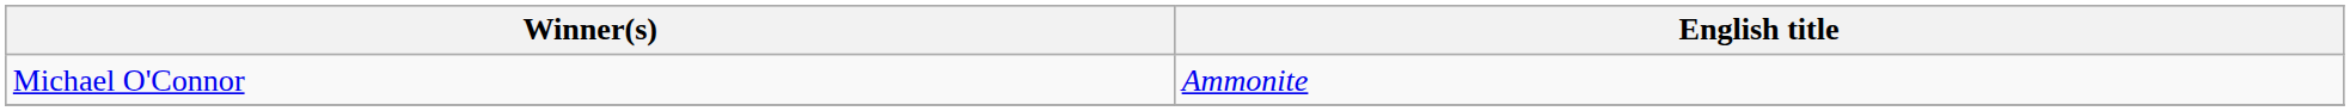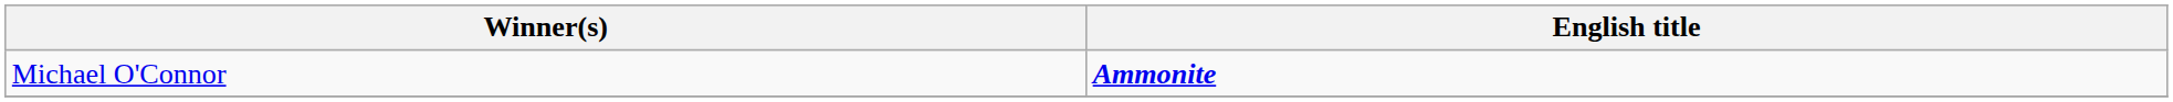 <table class="wikitable" width="95%" cellpadding="5">
 <tr>
 <th width="18%">Winner(s)</th>
 <th width="18%">English title</th>
 </tr>
 <tr>
 <td> <a href='#'>Michael O'Connor</a></td>
-<td><em><a href='#'>Ammonite</a></em></td>
+<td><strong><em><a href='#'>Ammonite</a></em></strong></td>
 </tr>
 <tr>
 </tr>
 </table>
